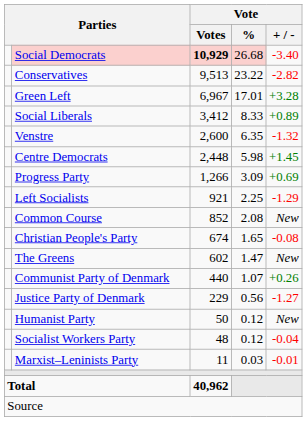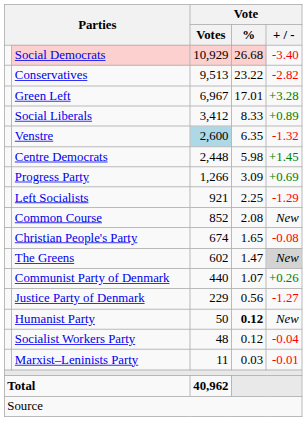 <table class="wikitable" style="text-align:right;">
 <tr>
 <th style="text-align:centre;" rowspan="2" colspan="2" width="225">Parties</th>
 <th colspan="3">Vote</th>
 </tr>
 <tr>
 <th width="15">Votes</th>
 <th width="15">%</th>
 <th width="15">+ / -</th>
 </tr>
 <tr>
 <td width="2" style="color:inherit;background:"></td>
 <td bgcolor=#fbd0ce  align="left"><a href='#'>Social Democrats</a></td>
-<td bgcolor=#fbd0ce><strong>10,929</strong></td>
+<td bgcolor=#fbd0ce>10,929</td>
 <td bgcolor=#fbd0ce>26.68</td>
 <td style=color:red;>-3.40</td>
 </tr>
 <tr>
 <td width="2" style="color:inherit;background:"></td>
 <td align="left"><a href='#'>Conservatives</a></td>
 <td>9,513</td>
 <td>23.22</td>
 <td style=color:red;>-2.82</td>
 </tr>
 <tr>
 <td width="2" style="color:inherit;background:"></td>
 <td align="left"><a href='#'>Green Left</a></td>
 <td>6,967</td>
 <td>17.01</td>
 <td style=color:green;>+3.28</td>
 </tr>
 <tr>
 <td width="2" style="color:inherit;background:"></td>
 <td align="left"><a href='#'>Social Liberals</a></td>
 <td>3,412</td>
 <td>8.33</td>
 <td style=color:green;>+0.89</td>
 </tr>
 <tr>
 <td width="2" style="color:inherit;background:"></td>
 <td align="left"><a href='#'>Venstre</a></td>
-<td>2,600</td>
+<td style="background: lightblue;">2,600</td>
 <td>6.35</td>
 <td style=color:red;>-1.32</td>
 </tr>
 <tr>
 <td width="2" style="color:inherit;background:"></td>
 <td align="left"><a href='#'>Centre Democrats</a></td>
 <td>2,448</td>
 <td>5.98</td>
 <td style=color:green;>+1.45</td>
 </tr>
 <tr>
 <td width="2" style="color:inherit;background:"></td>
 <td align="left"><a href='#'>Progress Party</a></td>
 <td>1,266</td>
 <td>3.09</td>
 <td style=color:green;>+0.69</td>
 </tr>
 <tr>
 <td width="2" style="color:inherit;background:"></td>
 <td align="left"><a href='#'>Left Socialists</a></td>
 <td>921</td>
 <td>2.25</td>
 <td style=color:red;>-1.29</td>
 </tr>
 <tr>
 <td width="2" style="color:inherit;background:"></td>
 <td align="left"><a href='#'>Common Course</a></td>
 <td>852</td>
 <td>2.08</td>
 <td><em>New</em></td>
 </tr>
 <tr>
 <td width="2" style="color:inherit;background:"></td>
 <td align="left"><a href='#'>Christian People's Party</a></td>
 <td>674</td>
 <td>1.65</td>
 <td style=color:red;>-0.08</td>
 </tr>
 <tr>
 <td width="2" style="color:inherit;background:"></td>
 <td align="left"><a href='#'>The Greens</a></td>
 <td>602</td>
 <td>1.47</td>
-<td><em>New</em></td>
+<td style="background: lightgrey;"><em>New</em></td>
 </tr>
 <tr>
 <td width="2" style="color:inherit;background:"></td>
 <td align="left"><a href='#'>Communist Party of Denmark</a></td>
 <td>440</td>
 <td>1.07</td>
 <td style=color:green;>+0.26</td>
 </tr>
 <tr>
 <td width="2" style="color:inherit;background:"></td>
 <td align="left"><a href='#'>Justice Party of Denmark</a></td>
 <td>229</td>
 <td>0.56</td>
 <td style=color:red;>-1.27</td>
 </tr>
 <tr>
 <td width="2" style="color:inherit;background:"></td>
 <td align="left"><a href='#'>Humanist Party</a></td>
 <td>50</td>
-<td>0.12</td>
+<td><strong>0.12</strong></td>
 <td><em>New</em></td>
 </tr>
 <tr>
 <td width="2" style="color:inherit;background:"></td>
 <td align="left"><a href='#'>Socialist Workers Party</a></td>
 <td>48</td>
 <td>0.12</td>
 <td style=color:red;>-0.04</td>
 </tr>
 <tr>
 <td width="2" style="color:inherit;background:"></td>
 <td align="left"><a href='#'>Marxist–Leninists Party</a></td>
 <td>11</td>
 <td>0.03</td>
 <td style=color:red;>-0.01</td>
 </tr>
 <tr>
 <td colspan="7" bgcolor="#E9E9E9"></td>
 </tr>
 <tr>
 <td align="left" colspan="2"><strong>Total</strong></td>
 <td><strong>40,962</strong></td>
 <td bgcolor="#E9E9E9" colspan="2"></td>
 </tr>
 <tr>
 <td align="left" colspan="6">Source</td>
 </tr>
 </table>
